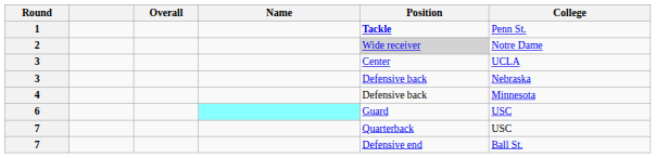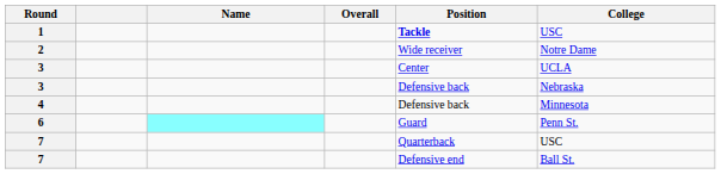 <table class="wikitable sortable" style="width: 50%;">
 <tr>
 <th scope="col" style="width: 10%;">Round</th>
 <th scope="col" style="width: 10%;"></th>
+<th scope="col" style="width: 25%;">Name</th>
 <th scope="col" style="width: 10%;">Overall</th>
-<th scope="col" style="width: 25%;">Name</th>
 <th scope="col" style="width: 20%;">Position</th>
 <th scope="col" style="width: 25%;">College</th>
 </tr>
 <tr>
 <th scope="row">1</th>
 <td></td>
 <td></td>
 <td></td>
 <td><strong><a href='#'>Tackle</a></strong></td>
-<td><a href='#'>Penn St.</a></td>
+<td><a href='#'>USC</a></td>
 </tr>
 <tr>
 <th scope="row">2</th>
 <td></td>
 <td></td>
 <td></td>
-<td style="background: lightgrey;"><a href='#'>Wide receiver</a></td>
+<td><a href='#'>Wide receiver</a></td>
 <td><a href='#'>Notre Dame</a></td>
 </tr>
 <tr>
 <th scope="row">3</th>
 <td></td>
 <td></td>
 <td></td>
 <td><a href='#'>Center</a></td>
 <td><a href='#'>UCLA</a></td>
 </tr>
 <tr>
 <th scope="row">3</th>
 <td></td>
 <td></td>
 <td></td>
 <td><a href='#'>Defensive back</a></td>
 <td><a href='#'>Nebraska</a></td>
 </tr>
 <tr>
 <th scope="row">4</th>
 <td></td>
 <td></td>
 <td></td>
 <td>Defensive back</td>
 <td><a href='#'>Minnesota</a></td>
 </tr>
 <tr>
 <th scope="row">6</th>
 <td></td>
+<td style="background:#88FFFF;"> <sup></sup></td>
 <td></td>
-<td style="background:#88FFFF;"> <sup></sup></td>
 <td><a href='#'>Guard</a></td>
-<td><a href='#'>USC</a></td>
+<td><a href='#'>Penn St.</a></td>
 </tr>
 <tr>
 <th scope="row">7</th>
 <td></td>
 <td></td>
 <td></td>
 <td><a href='#'>Quarterback</a></td>
 <td>USC</td>
 </tr>
 <tr>
 <th scope="row">7</th>
 <td></td>
 <td></td>
 <td></td>
 <td><a href='#'>Defensive end</a></td>
 <td><a href='#'>Ball St.</a></td>
 </tr>
 </table>
